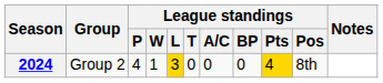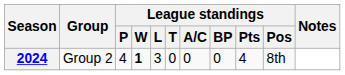 <table class="wikitable sortable">
 <tr>
 <th scope="col" rowspan="2">Season</th>
 <th scope="col" rowspan="2">Group</th>
 <th scope="col" colspan="8">League standings</th>
 <th scope="col" rowspan="2">Notes</th>
 </tr>
 <tr>
 <th scope="col">P</th>
 <th scope="col">W</th>
 <th scope="col">L</th>
 <th scope="col">T</th>
 <th scope="col">A/C</th>
 <th scope="col">BP</th>
 <th scope="col">Pts</th>
 <th scope="col">Pos</th>
 </tr>
 <tr>
 <th scope="row"><a href='#'>2024</a></th>
 <td>Group 2</td>
 <td>4</td>
-<td>1</td>
-<td style="background: gold;">3</td>
+<td><strong>1</strong></td>
+<td>3</td>
 <td>0</td>
 <td>0</td>
 <td>0</td>
-<td style="background: gold;">4</td>
+<td>4</td>
 <td>8th</td>
 <td style="background: white;"></td>
 </tr>
 </table>
